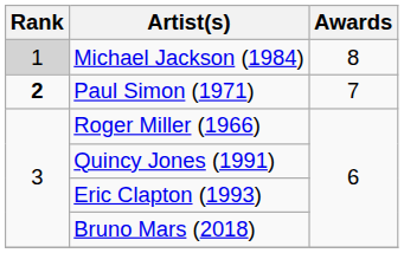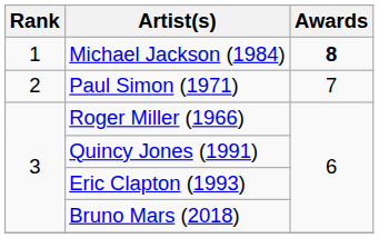 <table class="wikitable" style="text-align: center; cellpadding: 2;">
 <tr>
 <th>Rank</th>
 <th>Artist(s)</th>
 <th>Awards</th>
 </tr>
 <tr>
-<td style="background: lightgrey;">1</td>
+<td>1</td>
 <td style="text-align: left;"><a href='#'>Michael Jackson</a> (<a href='#'>1984</a>)</td>
-<td>8</td>
+<td><strong>8</strong></td>
 </tr>
 <tr>
-<td><strong>2</strong></td>
+<td>2</td>
 <td style="text-align: left"><a href='#'>Paul Simon</a> (<a href='#'>1971</a>)</td>
 <td>7</td>
 </tr>
 <tr>
 <td rowspan="4">3</td>
 <td style="text-align: left;"><a href='#'>Roger Miller</a> (<a href='#'>1966</a>)</td>
 <td rowspan="4">6</td>
 </tr>
 <tr>
 <td style="text-align: left;"><a href='#'>Quincy Jones</a> (<a href='#'>1991</a>)</td>
 </tr>
 <tr>
 <td style="text-align: left;"><a href='#'>Eric Clapton</a> (<a href='#'>1993</a>)</td>
 </tr>
 <tr>
 <td style="text-align: left;"><a href='#'>Bruno Mars</a> (<a href='#'>2018</a>)</td>
 </tr>
 <tr>
 </tr>
 </table>
